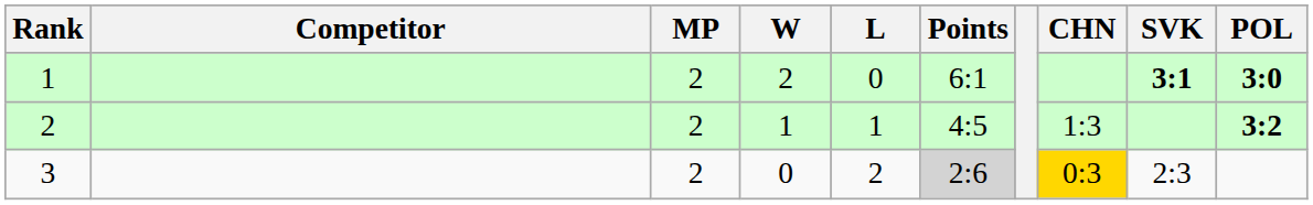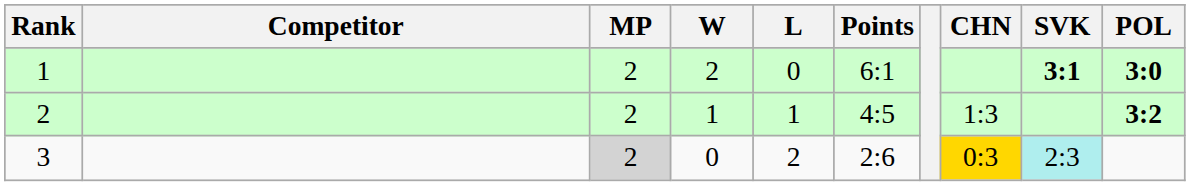 <table class="wikitable" style="text-align:center">
 <tr>
 <th>Rank</th>
 <th style="width:18em">Competitor</th>
 <th style="width:2.5em">MP</th>
 <th style="width:2.5em">W</th>
 <th style="width:2.5em">L</th>
 <th>Points</th>
 <th rowspan="4"> </th>
 <th style="width:2.5em">CHN</th>
 <th style="width:2.5em">SVK</th>
 <th style="width:2.5em">POL</th>
 </tr>
 <tr style="background:#cfc;">
 <td>1</td>
 <td style="text-align:left"></td>
 <td>2</td>
 <td>2</td>
 <td>0</td>
 <td>6:1</td>
 <td></td>
 <td><strong>3:1</strong></td>
 <td><strong>3:0</strong></td>
 </tr>
 <tr style="background:#cfc;">
 <td>2</td>
 <td style="text-align:left"></td>
 <td>2</td>
 <td>1</td>
 <td>1</td>
 <td>4:5</td>
 <td>1:3</td>
 <td></td>
 <td><strong>3:2</strong></td>
 </tr>
 <tr>
 <td>3</td>
 <td style="text-align:left"></td>
-<td>2</td>
+<td style="background: lightgrey;">2</td>
 <td>0</td>
 <td>2</td>
-<td style="background: lightgrey;">2:6</td>
+<td>2:6</td>
 <td style="background: gold;">0:3</td>
-<td>2:3</td>
+<td style="background: paleturquoise;">2:3</td>
 <td></td>
 </tr>
 </table>
